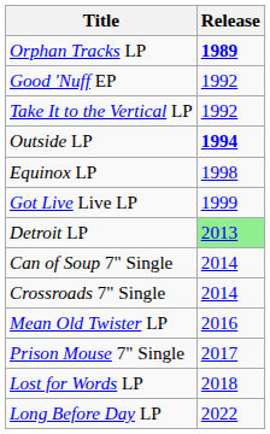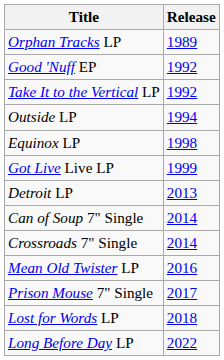 <table class="wikitable" style="font-size: 95%;">
 <tr>
 <th>Title</th>
 <th>Release</th>
 </tr>
 <tr>
 <td><em><a href='#'>Orphan Tracks</a></em> LP</td>
-<td><strong><a href='#'>1989</a></strong></td>
+<td><a href='#'>1989</a></td>
 </tr>
 <tr>
 <td><em><a href='#'>Good 'Nuff</a></em> EP</td>
 <td><a href='#'>1992</a></td>
 </tr>
 <tr>
 <td><em><a href='#'>Take It to the Vertical</a></em> LP</td>
 <td><a href='#'>1992</a></td>
 </tr>
 <tr>
 <td><em>Outside</em> LP</td>
-<td><strong><a href='#'>1994</a></strong></td>
+<td><a href='#'>1994</a></td>
 </tr>
 <tr>
 <td><em>Equinox</em> LP</td>
 <td><a href='#'>1998</a></td>
 </tr>
 <tr>
 <td><em><a href='#'>Got Live</a></em> Live LP</td>
 <td><a href='#'>1999</a></td>
 </tr>
 <tr>
 <td><em>Detroit</em> LP</td>
-<td style="background: lightgreen;"><a href='#'>2013</a></td>
+<td><a href='#'>2013</a></td>
 </tr>
 <tr>
 <td><em>Can of Soup</em> 7" Single</td>
 <td><a href='#'>2014</a></td>
 </tr>
 <tr>
 <td><em>Crossroads</em> 7" Single</td>
 <td><a href='#'>2014</a></td>
 </tr>
 <tr>
 <td><em><a href='#'>Mean Old Twister</a></em> LP</td>
 <td><a href='#'>2016</a></td>
 </tr>
 <tr>
 <td><em><a href='#'>Prison Mouse</a></em> 7" Single</td>
 <td><a href='#'>2017</a></td>
 </tr>
 <tr>
 <td><em><a href='#'>Lost for Words</a></em> LP</td>
 <td><a href='#'>2018</a></td>
 </tr>
 <tr>
 <td><em><a href='#'>Long Before Day</a></em> LP</td>
 <td><a href='#'>2022</a></td>
 </tr>
 <tr>
 </tr>
 </table>
